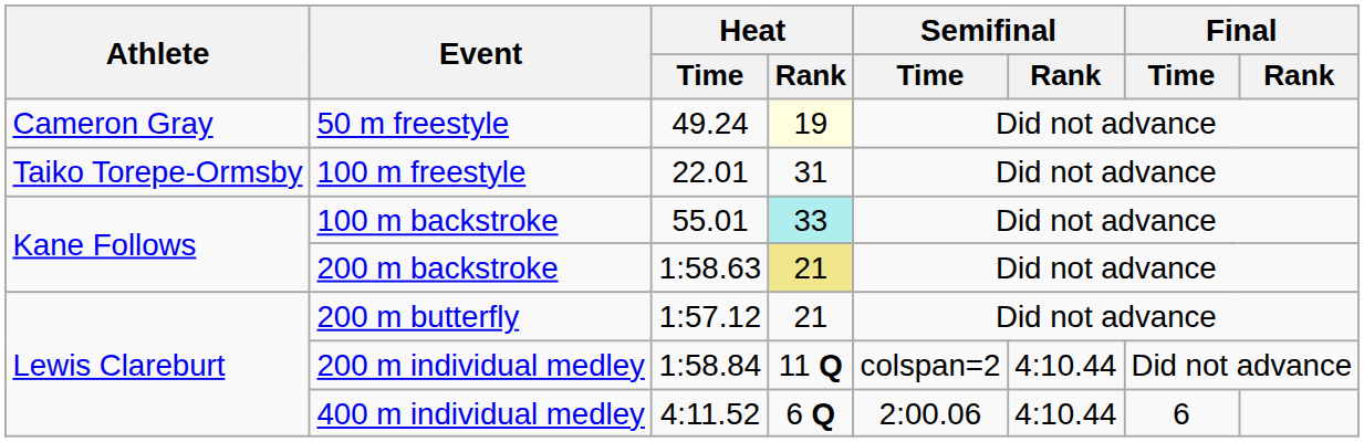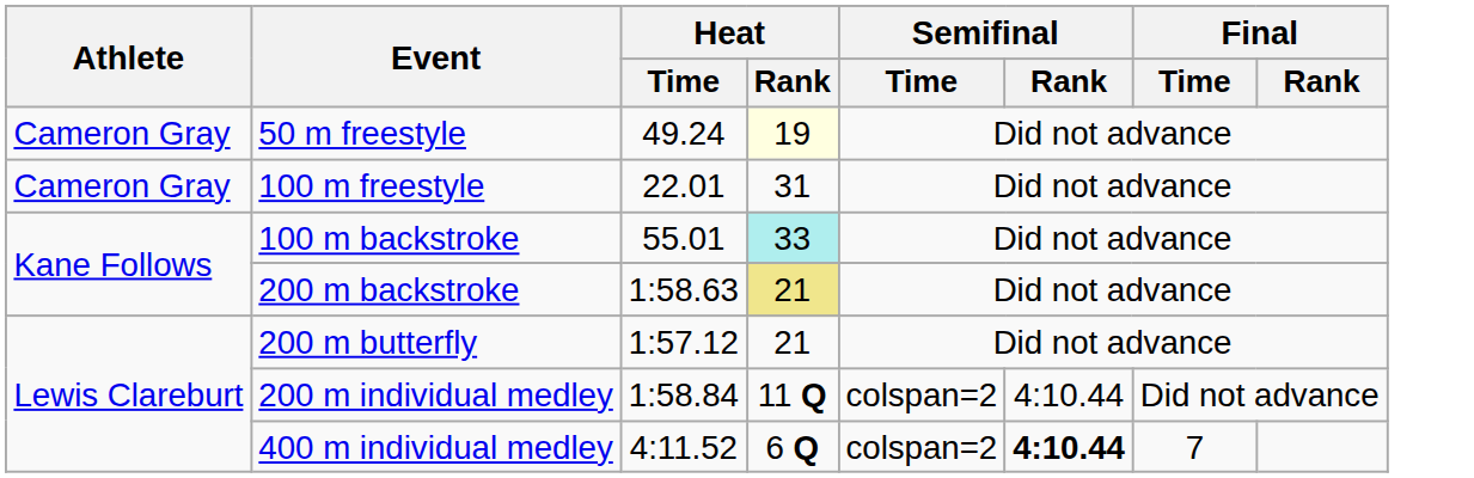 <table class=wikitable style="font-size:90%;text-align:center">
 <tr>
 <th rowspan=2>Athlete</th>
 <th rowspan=2>Event</th>
 <th colspan=2>Heat</th>
 <th colspan=2>Semifinal</th>
 <th colspan=2>Final</th>
 </tr>
 <tr style=font-size:95%>
 <th>Time</th>
 <th>Rank</th>
 <th>Time</th>
 <th>Rank</th>
 <th>Time</th>
 <th>Rank</th>
 </tr>
 <tr>
 <td align=left><a href='#'>Cameron Gray</a></td>
 <td align=left><a href='#'>50 m freestyle</a></td>
 <td>49.24</td>
 <td style="background: lightyellow;">19</td>
 <td colspan=4>Did not advance</td>
 </tr>
 <tr>
-<td align=left><a href='#'>Taiko Torepe-Ormsby</a></td>
+<td align=left><a href='#'>Cameron Gray</a></td>
 <td align=left><a href='#'>100 m freestyle</a></td>
 <td>22.01</td>
 <td>31</td>
 <td colspan=4>Did not advance</td>
 </tr>
 <tr>
 <td align=left rowspan=2><a href='#'>Kane Follows</a></td>
 <td align=left><a href='#'>100 m backstroke</a></td>
 <td>55.01</td>
 <td style="background: paleturquoise;">33</td>
 <td colspan=4>Did not advance</td>
 </tr>
 <tr>
 <td align=left><a href='#'>200 m backstroke</a></td>
 <td>1:58.63</td>
 <td style="background: khaki;">21</td>
 <td colspan=4>Did not advance</td>
 </tr>
 <tr>
 <td align=left rowspan=3><a href='#'>Lewis Clareburt</a></td>
 <td align=left><a href='#'>200 m butterfly</a></td>
 <td>1:57.12</td>
 <td>21</td>
 <td colspan=4>Did not advance</td>
 </tr>
 <tr>
 <td align=left><a href='#'>200 m individual medley</a></td>
 <td>1:58.84</td>
 <td>11 <strong>Q</strong></td>
 <td>colspan=2 </td>
 <td>4:10.44</td>
 <td colspan=2>Did not advance</td>
 </tr>
 <tr>
 <td align=left><a href='#'>400 m individual medley</a></td>
 <td>4:11.52</td>
 <td>6 <strong>Q</strong></td>
-<td>2:00.06</td>
-<td>4:10.44</td>
-<td>6</td>
+<td>colspan=2 </td>
+<td><strong>4:10.44</strong></td>
+<td>7</td>
 </tr>
 </table>
